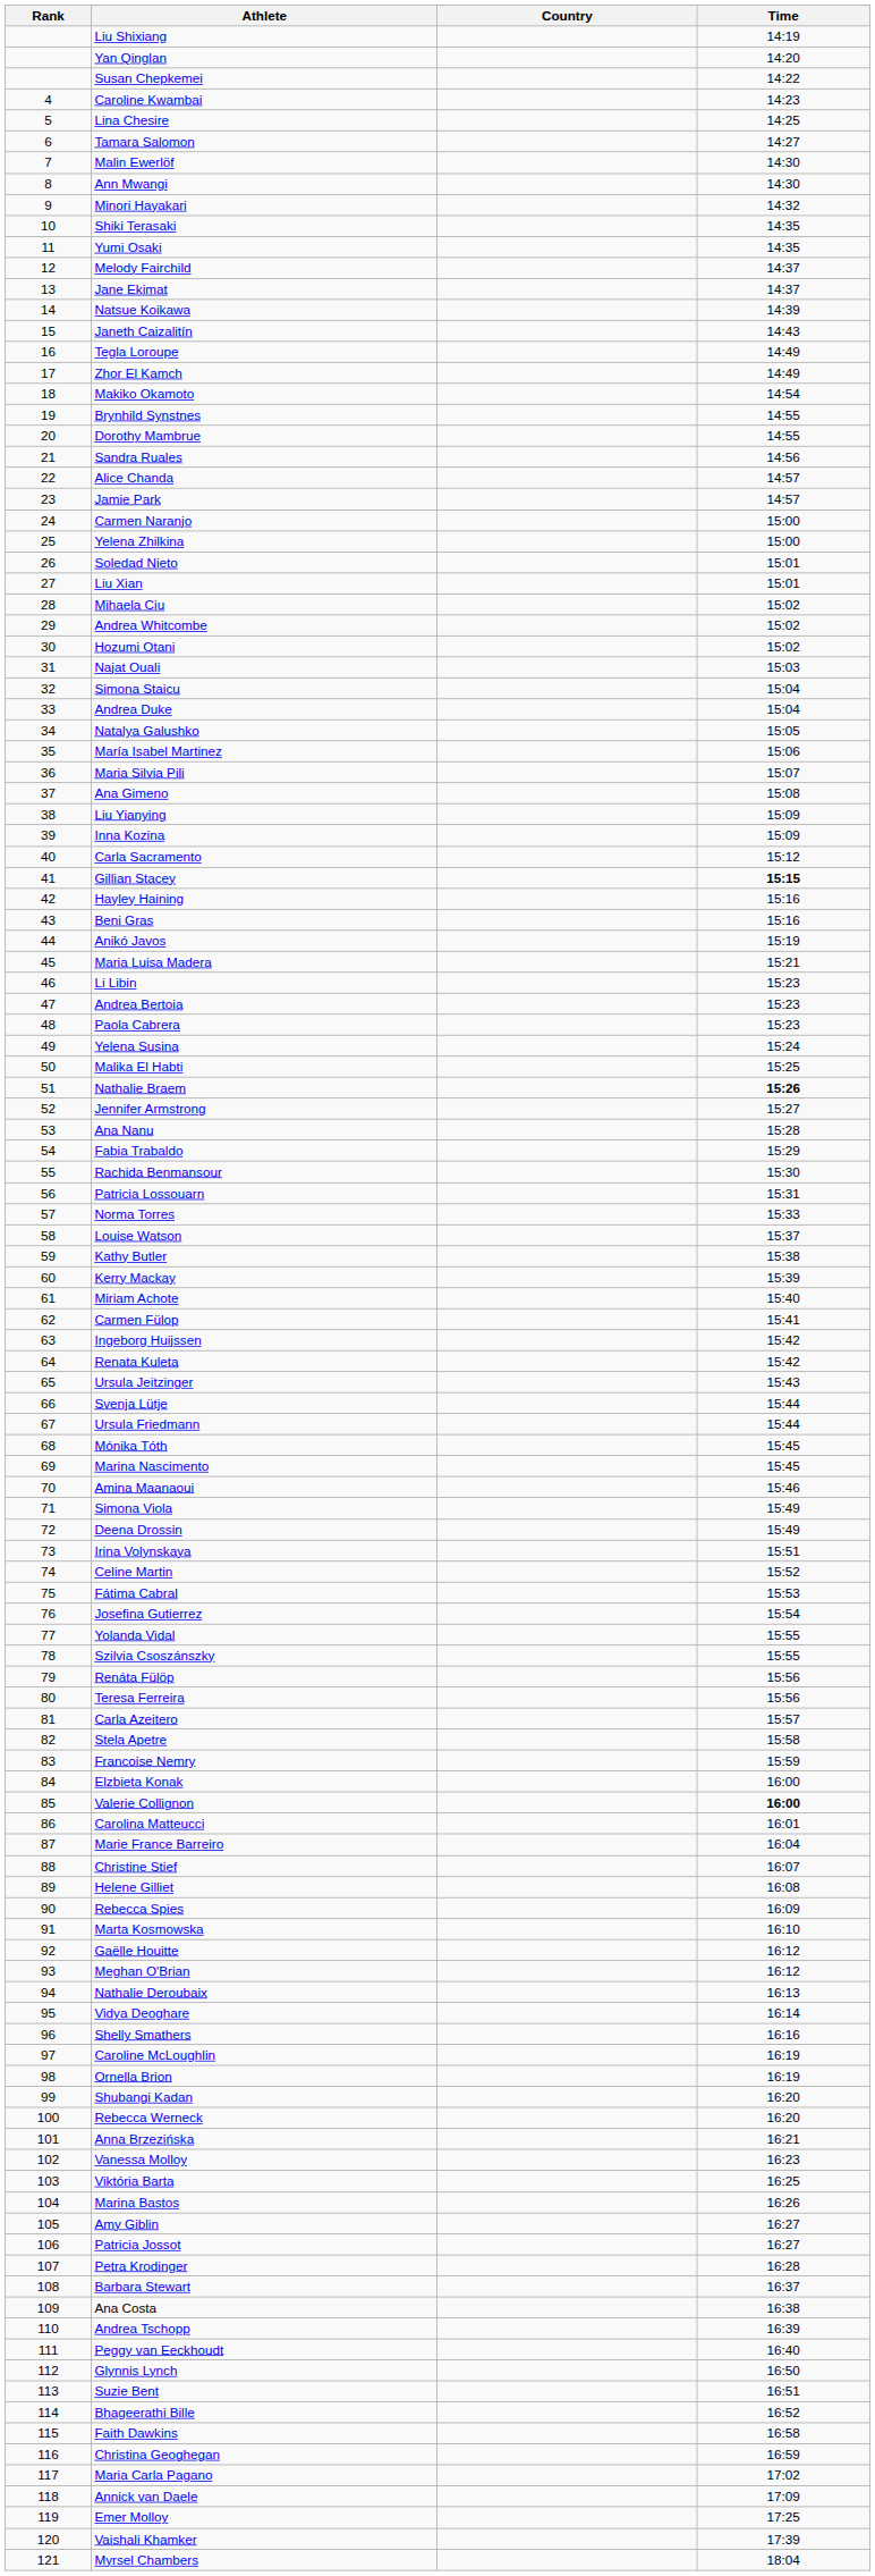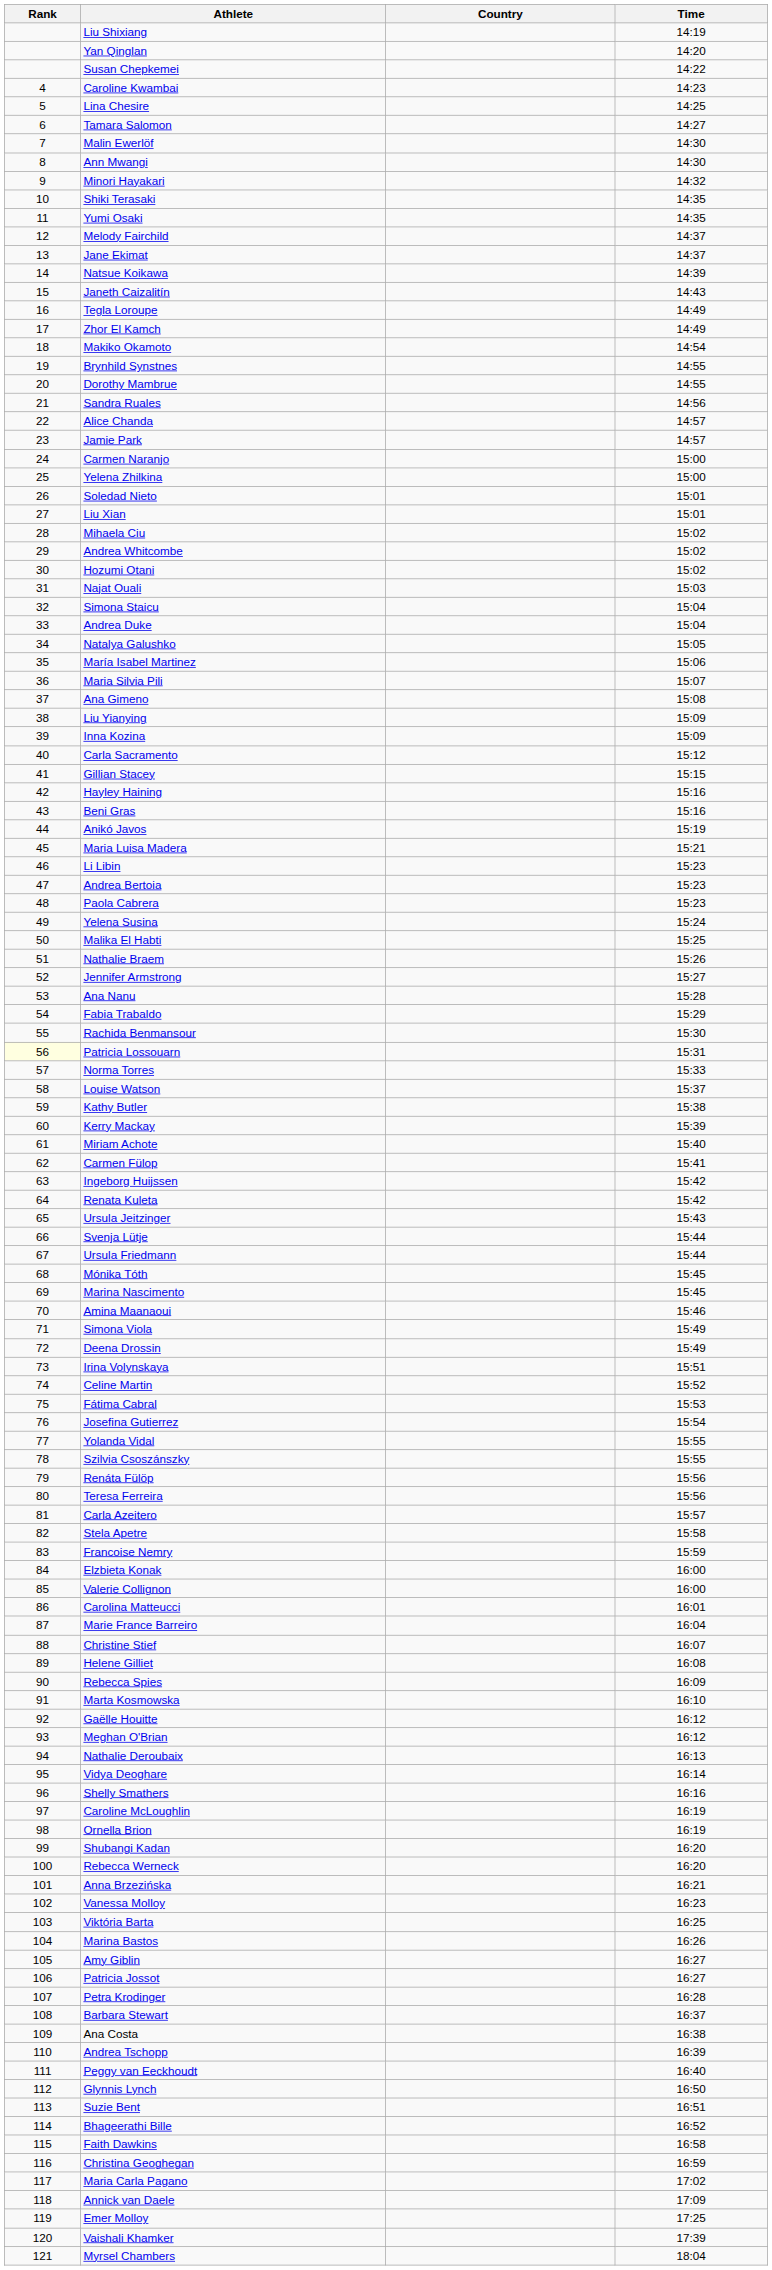 <table class="wikitable sortable" style=" text-align:center; font-size:95%;" width="50%">
 <tr>
 <th width=5%>Rank</th>
 <th width=20%>Athlete</th>
 <th width=15%>Country</th>
 <th width=10%>Time</th>
 </tr>
 <tr>
 <td align=center></td>
 <td align=left><a href='#'>Liu Shixiang</a></td>
 <td align=left></td>
 <td>14:19</td>
 </tr>
 <tr>
 <td align=center></td>
 <td align=left><a href='#'>Yan Qinglan</a></td>
 <td align=left></td>
 <td>14:20</td>
 </tr>
 <tr>
 <td align=center></td>
 <td align=left><a href='#'>Susan Chepkemei</a></td>
 <td align=left></td>
 <td>14:22</td>
 </tr>
 <tr>
 <td align=center>4</td>
 <td align=left><a href='#'>Caroline Kwambai</a></td>
 <td align=left></td>
 <td>14:23</td>
 </tr>
 <tr>
 <td align=center>5</td>
 <td align=left><a href='#'>Lina Chesire</a></td>
 <td align=left></td>
 <td>14:25</td>
 </tr>
 <tr>
 <td align=center>6</td>
 <td align=left><a href='#'>Tamara Salomon</a></td>
 <td align=left></td>
 <td>14:27</td>
 </tr>
 <tr>
 <td align=center>7</td>
 <td align=left><a href='#'>Malin Ewerlöf</a></td>
 <td align=left></td>
 <td>14:30</td>
 </tr>
 <tr>
 <td align=center>8</td>
 <td align=left><a href='#'>Ann Mwangi</a></td>
 <td align=left></td>
 <td>14:30</td>
 </tr>
 <tr>
 <td align=center>9</td>
 <td align=left><a href='#'>Minori Hayakari</a></td>
 <td align=left></td>
 <td>14:32</td>
 </tr>
 <tr>
 <td align=center>10</td>
 <td align=left><a href='#'>Shiki Terasaki</a></td>
 <td align=left></td>
 <td>14:35</td>
 </tr>
 <tr>
 <td align=center>11</td>
 <td align=left><a href='#'>Yumi Osaki</a></td>
 <td align=left></td>
 <td>14:35</td>
 </tr>
 <tr>
 <td align=center>12</td>
 <td align=left><a href='#'>Melody Fairchild</a></td>
 <td align=left></td>
 <td>14:37</td>
 </tr>
 <tr>
 <td align=center>13</td>
 <td align=left><a href='#'>Jane Ekimat</a></td>
 <td align=left></td>
 <td>14:37</td>
 </tr>
 <tr>
 <td align=center>14</td>
 <td align=left><a href='#'>Natsue Koikawa</a></td>
 <td align=left></td>
 <td>14:39</td>
 </tr>
 <tr>
 <td align=center>15</td>
 <td align=left><a href='#'>Janeth Caizalitín</a></td>
 <td align=left></td>
 <td>14:43</td>
 </tr>
 <tr>
 <td align=center>16</td>
 <td align=left><a href='#'>Tegla Loroupe</a></td>
 <td align=left></td>
 <td>14:49</td>
 </tr>
 <tr>
 <td align=center>17</td>
 <td align=left><a href='#'>Zhor El Kamch</a></td>
 <td align=left></td>
 <td>14:49</td>
 </tr>
 <tr>
 <td align=center>18</td>
 <td align=left><a href='#'>Makiko Okamoto</a></td>
 <td align=left></td>
 <td>14:54</td>
 </tr>
 <tr>
 <td align=center>19</td>
 <td align=left><a href='#'>Brynhild Synstnes</a></td>
 <td align=left></td>
 <td>14:55</td>
 </tr>
 <tr>
 <td align=center>20</td>
 <td align=left><a href='#'>Dorothy Mambrue</a></td>
 <td align=left></td>
 <td>14:55</td>
 </tr>
 <tr>
 <td align=center>21</td>
 <td align=left><a href='#'>Sandra Ruales</a></td>
 <td align=left></td>
 <td>14:56</td>
 </tr>
 <tr>
 <td align=center>22</td>
 <td align=left><a href='#'>Alice Chanda</a></td>
 <td align=left></td>
 <td>14:57</td>
 </tr>
 <tr>
 <td align=center>23</td>
 <td align=left><a href='#'>Jamie Park</a></td>
 <td align=left></td>
 <td>14:57</td>
 </tr>
 <tr>
 <td align=center>24</td>
 <td align=left><a href='#'>Carmen Naranjo</a></td>
 <td align=left></td>
 <td>15:00</td>
 </tr>
 <tr>
 <td align=center>25</td>
 <td align=left><a href='#'>Yelena Zhilkina</a></td>
 <td align=left></td>
 <td>15:00</td>
 </tr>
 <tr>
 <td align=center>26</td>
 <td align=left><a href='#'>Soledad Nieto</a></td>
 <td align=left></td>
 <td>15:01</td>
 </tr>
 <tr>
 <td align=center>27</td>
 <td align=left><a href='#'>Liu Xian</a></td>
 <td align=left></td>
 <td>15:01</td>
 </tr>
 <tr>
 <td align=center>28</td>
 <td align=left><a href='#'>Mihaela Ciu</a></td>
 <td align=left></td>
 <td>15:02</td>
 </tr>
 <tr>
 <td align=center>29</td>
 <td align=left><a href='#'>Andrea Whitcombe</a></td>
 <td align=left></td>
 <td>15:02</td>
 </tr>
 <tr>
 <td align=center>30</td>
 <td align=left><a href='#'>Hozumi Otani</a></td>
 <td align=left></td>
 <td>15:02</td>
 </tr>
 <tr>
 <td align=center>31</td>
 <td align=left><a href='#'>Najat Ouali</a></td>
 <td align=left></td>
 <td>15:03</td>
 </tr>
 <tr>
 <td align=center>32</td>
 <td align=left><a href='#'>Simona Staicu</a></td>
 <td align=left></td>
 <td>15:04</td>
 </tr>
 <tr>
 <td align=center>33</td>
 <td align=left><a href='#'>Andrea Duke</a></td>
 <td align=left></td>
 <td>15:04</td>
 </tr>
 <tr>
 <td align=center>34</td>
 <td align=left><a href='#'>Natalya Galushko</a></td>
 <td align=left></td>
 <td>15:05</td>
 </tr>
 <tr>
 <td align=center>35</td>
 <td align=left><a href='#'>María Isabel Martinez</a></td>
 <td align=left></td>
 <td>15:06</td>
 </tr>
 <tr>
 <td align=center>36</td>
 <td align=left><a href='#'>Maria Silvia Pili</a></td>
 <td align=left></td>
 <td>15:07</td>
 </tr>
 <tr>
 <td align=center>37</td>
 <td align=left><a href='#'>Ana Gimeno</a></td>
 <td align=left></td>
 <td>15:08</td>
 </tr>
 <tr>
 <td align=center>38</td>
 <td align=left><a href='#'>Liu Yianying</a></td>
 <td align=left></td>
 <td>15:09</td>
 </tr>
 <tr>
 <td align=center>39</td>
 <td align=left><a href='#'>Inna Kozina</a></td>
 <td align=left></td>
 <td>15:09</td>
 </tr>
 <tr>
 <td align=center>40</td>
 <td align=left><a href='#'>Carla Sacramento</a></td>
 <td align=left></td>
 <td>15:12</td>
 </tr>
 <tr>
 <td align=center>41</td>
 <td align=left><a href='#'>Gillian Stacey</a></td>
 <td align=left></td>
-<td><strong>15:15</strong></td>
+<td>15:15</td>
 </tr>
 <tr>
 <td align=center>42</td>
 <td align=left><a href='#'>Hayley Haining</a></td>
 <td align=left></td>
 <td>15:16</td>
 </tr>
 <tr>
 <td align=center>43</td>
 <td align=left><a href='#'>Beni Gras</a></td>
 <td align=left></td>
 <td>15:16</td>
 </tr>
 <tr>
 <td align=center>44</td>
 <td align=left><a href='#'>Anikó Javos</a></td>
 <td align=left></td>
 <td>15:19</td>
 </tr>
 <tr>
 <td align=center>45</td>
 <td align=left><a href='#'>Maria Luisa Madera</a></td>
 <td align=left></td>
 <td>15:21</td>
 </tr>
 <tr>
 <td align=center>46</td>
 <td align=left><a href='#'>Li Libin</a></td>
 <td align=left></td>
 <td>15:23</td>
 </tr>
 <tr>
 <td align=center>47</td>
 <td align=left><a href='#'>Andrea Bertoia</a></td>
 <td align=left></td>
 <td>15:23</td>
 </tr>
 <tr>
 <td align=center>48</td>
 <td align=left><a href='#'>Paola Cabrera</a></td>
 <td align=left></td>
 <td>15:23</td>
 </tr>
 <tr>
 <td align=center>49</td>
 <td align=left><a href='#'>Yelena Susina</a></td>
 <td align=left></td>
 <td>15:24</td>
 </tr>
 <tr>
 <td align=center>50</td>
 <td align=left><a href='#'>Malika El Habti</a></td>
 <td align=left></td>
 <td>15:25</td>
 </tr>
 <tr>
 <td align=center>51</td>
 <td align=left><a href='#'>Nathalie Braem</a></td>
 <td align=left></td>
-<td><strong>15:26</strong></td>
+<td>15:26</td>
 </tr>
 <tr>
 <td align=center>52</td>
 <td align=left><a href='#'>Jennifer Armstrong</a></td>
 <td align=left></td>
 <td>15:27</td>
 </tr>
 <tr>
 <td align=center>53</td>
 <td align=left><a href='#'>Ana Nanu</a></td>
 <td align=left></td>
 <td>15:28</td>
 </tr>
 <tr>
 <td align=center>54</td>
 <td align=left><a href='#'>Fabia Trabaldo</a></td>
 <td align=left></td>
 <td>15:29</td>
 </tr>
 <tr>
 <td align=center>55</td>
 <td align=left><a href='#'>Rachida Benmansour</a></td>
 <td align=left></td>
 <td>15:30</td>
 </tr>
 <tr>
-<td align=center>56</td>
+<td align=center style="background: lightyellow;">56</td>
 <td align=left><a href='#'>Patricia Lossouarn</a></td>
 <td align=left></td>
 <td>15:31</td>
 </tr>
 <tr>
 <td align=center>57</td>
 <td align=left><a href='#'>Norma Torres</a></td>
 <td align=left></td>
 <td>15:33</td>
 </tr>
 <tr>
 <td align=center>58</td>
 <td align=left><a href='#'>Louise Watson</a></td>
 <td align=left></td>
 <td>15:37</td>
 </tr>
 <tr>
 <td align=center>59</td>
 <td align=left><a href='#'>Kathy Butler</a></td>
 <td align=left></td>
 <td>15:38</td>
 </tr>
 <tr>
 <td align=center>60</td>
 <td align=left><a href='#'>Kerry Mackay</a></td>
 <td align=left></td>
 <td>15:39</td>
 </tr>
 <tr>
 <td align=center>61</td>
 <td align=left><a href='#'>Miriam Achote</a></td>
 <td align=left></td>
 <td>15:40</td>
 </tr>
 <tr>
 <td align=center>62</td>
 <td align=left><a href='#'>Carmen Fülop</a></td>
 <td align=left></td>
 <td>15:41</td>
 </tr>
 <tr>
 <td align=center>63</td>
 <td align=left><a href='#'>Ingeborg Huijssen</a></td>
 <td align=left></td>
 <td>15:42</td>
 </tr>
 <tr>
 <td align=center>64</td>
 <td align=left><a href='#'>Renata Kuleta</a></td>
 <td align=left></td>
 <td>15:42</td>
 </tr>
 <tr>
 <td align=center>65</td>
 <td align=left><a href='#'>Ursula Jeitzinger</a></td>
 <td align=left></td>
 <td>15:43</td>
 </tr>
 <tr>
 <td align=center>66</td>
 <td align=left><a href='#'>Svenja Lütje</a></td>
 <td align=left></td>
 <td>15:44</td>
 </tr>
 <tr>
 <td align=center>67</td>
 <td align=left><a href='#'>Ursula Friedmann</a></td>
 <td align=left></td>
 <td>15:44</td>
 </tr>
 <tr>
 <td align=center>68</td>
 <td align=left><a href='#'>Mónika Tóth</a></td>
 <td align=left></td>
 <td>15:45</td>
 </tr>
 <tr>
 <td align=center>69</td>
 <td align=left><a href='#'>Marina Nascimento</a></td>
 <td align=left></td>
 <td>15:45</td>
 </tr>
 <tr>
 <td align=center>70</td>
 <td align=left><a href='#'>Amina Maanaoui</a></td>
 <td align=left></td>
 <td>15:46</td>
 </tr>
 <tr>
 <td align=center>71</td>
 <td align=left><a href='#'>Simona Viola</a></td>
 <td align=left></td>
 <td>15:49</td>
 </tr>
 <tr>
 <td align=center>72</td>
 <td align=left><a href='#'>Deena Drossin</a></td>
 <td align=left></td>
 <td>15:49</td>
 </tr>
 <tr>
 <td align=center>73</td>
 <td align=left><a href='#'>Irina Volynskaya</a></td>
 <td align=left></td>
 <td>15:51</td>
 </tr>
 <tr>
 <td align=center>74</td>
 <td align=left><a href='#'>Celine Martin</a></td>
 <td align=left></td>
 <td>15:52</td>
 </tr>
 <tr>
 <td align=center>75</td>
 <td align=left><a href='#'>Fátima Cabral</a></td>
 <td align=left></td>
 <td>15:53</td>
 </tr>
 <tr>
 <td align=center>76</td>
 <td align=left><a href='#'>Josefina Gutierrez</a></td>
 <td align=left></td>
 <td>15:54</td>
 </tr>
 <tr>
 <td align=center>77</td>
 <td align=left><a href='#'>Yolanda Vidal</a></td>
 <td align=left></td>
 <td>15:55</td>
 </tr>
 <tr>
 <td align=center>78</td>
 <td align=left><a href='#'>Szilvia Csoszánszky</a></td>
 <td align=left></td>
 <td>15:55</td>
 </tr>
 <tr>
 <td align=center>79</td>
 <td align=left><a href='#'>Renáta Fülöp</a></td>
 <td align=left></td>
 <td>15:56</td>
 </tr>
 <tr>
 <td align=center>80</td>
 <td align=left><a href='#'>Teresa Ferreira</a></td>
 <td align=left></td>
 <td>15:56</td>
 </tr>
 <tr>
 <td align=center>81</td>
 <td align=left><a href='#'>Carla Azeitero</a></td>
 <td align=left></td>
 <td>15:57</td>
 </tr>
 <tr>
 <td align=center>82</td>
 <td align=left><a href='#'>Stela Apetre</a></td>
 <td align=left></td>
 <td>15:58</td>
 </tr>
 <tr>
 <td align=center>83</td>
 <td align=left><a href='#'>Francoise Nemry</a></td>
 <td align=left></td>
 <td>15:59</td>
 </tr>
 <tr>
 <td align=center>84</td>
 <td align=left><a href='#'>Elzbieta Konak</a></td>
 <td align=left></td>
 <td>16:00</td>
 </tr>
 <tr>
 <td align=center>85</td>
 <td align=left><a href='#'>Valerie Collignon</a></td>
 <td align=left></td>
-<td><strong>16:00</strong></td>
+<td>16:00</td>
 </tr>
 <tr>
 <td align=center>86</td>
 <td align=left><a href='#'>Carolina Matteucci</a></td>
 <td align=left></td>
 <td>16:01</td>
 </tr>
 <tr>
 <td align=center>87</td>
 <td align=left><a href='#'>Marie France Barreiro</a></td>
 <td align=left></td>
 <td>16:04</td>
 </tr>
 <tr>
 <td align=center>88</td>
 <td align=left><a href='#'>Christine Stief</a></td>
 <td align=left></td>
 <td>16:07</td>
 </tr>
 <tr>
 <td align=center>89</td>
 <td align=left><a href='#'>Helene Gilliet</a></td>
 <td align=left></td>
 <td>16:08</td>
 </tr>
 <tr>
 <td align=center>90</td>
 <td align=left><a href='#'>Rebecca Spies</a></td>
 <td align=left></td>
 <td>16:09</td>
 </tr>
 <tr>
 <td align=center>91</td>
 <td align=left><a href='#'>Marta Kosmowska</a></td>
 <td align=left></td>
 <td>16:10</td>
 </tr>
 <tr>
 <td align=center>92</td>
 <td align=left><a href='#'>Gaëlle Houitte</a></td>
 <td align=left></td>
 <td>16:12</td>
 </tr>
 <tr>
 <td align=center>93</td>
 <td align=left><a href='#'>Meghan O'Brian</a></td>
 <td align=left></td>
 <td>16:12</td>
 </tr>
 <tr>
 <td align=center>94</td>
 <td align=left><a href='#'>Nathalie Deroubaix</a></td>
 <td align=left></td>
 <td>16:13</td>
 </tr>
 <tr>
 <td align=center>95</td>
 <td align=left><a href='#'>Vidya Deoghare</a></td>
 <td align=left></td>
 <td>16:14</td>
 </tr>
 <tr>
 <td align=center>96</td>
 <td align=left><a href='#'>Shelly Smathers</a></td>
 <td align=left></td>
 <td>16:16</td>
 </tr>
 <tr>
 <td align=center>97</td>
 <td align=left><a href='#'>Caroline McLoughlin</a></td>
 <td align=left></td>
 <td>16:19</td>
 </tr>
 <tr>
 <td align=center>98</td>
 <td align=left><a href='#'>Ornella Brion</a></td>
 <td align=left></td>
 <td>16:19</td>
 </tr>
 <tr>
 <td align=center>99</td>
 <td align=left><a href='#'>Shubangi Kadan</a></td>
 <td align=left></td>
 <td>16:20</td>
 </tr>
 <tr>
 <td align=center>100</td>
 <td align=left><a href='#'>Rebecca Werneck</a></td>
 <td align=left></td>
 <td>16:20</td>
 </tr>
 <tr>
 <td align=center>101</td>
 <td align=left><a href='#'>Anna Brzezińska</a></td>
 <td align=left></td>
 <td>16:21</td>
 </tr>
 <tr>
 <td align=center>102</td>
 <td align=left><a href='#'>Vanessa Molloy</a></td>
 <td align=left></td>
 <td>16:23</td>
 </tr>
 <tr>
 <td align=center>103</td>
 <td align=left><a href='#'>Viktória Barta</a></td>
 <td align=left></td>
 <td>16:25</td>
 </tr>
 <tr>
 <td align=center>104</td>
 <td align=left><a href='#'>Marina Bastos</a></td>
 <td align=left></td>
 <td>16:26</td>
 </tr>
 <tr>
 <td align=center>105</td>
 <td align=left><a href='#'>Amy Giblin</a></td>
 <td align=left></td>
 <td>16:27</td>
 </tr>
 <tr>
 <td align=center>106</td>
 <td align=left><a href='#'>Patricia Jossot</a></td>
 <td align=left></td>
 <td>16:27</td>
 </tr>
 <tr>
 <td align=center>107</td>
 <td align=left><a href='#'>Petra Krodinger</a></td>
 <td align=left></td>
 <td>16:28</td>
 </tr>
 <tr>
 <td align=center>108</td>
 <td align=left><a href='#'>Barbara Stewart</a></td>
 <td align=left></td>
 <td>16:37</td>
 </tr>
 <tr>
 <td align=center>109</td>
 <td align=left>Ana Costa</td>
 <td align=left></td>
 <td>16:38</td>
 </tr>
 <tr>
 <td align=center>110</td>
 <td align=left><a href='#'>Andrea Tschopp</a></td>
 <td align=left></td>
 <td>16:39</td>
 </tr>
 <tr>
 <td align=center>111</td>
 <td align=left><a href='#'>Peggy van Eeckhoudt</a></td>
 <td align=left></td>
 <td>16:40</td>
 </tr>
 <tr>
 <td align=center>112</td>
 <td align=left><a href='#'>Glynnis Lynch</a></td>
 <td align=left></td>
 <td>16:50</td>
 </tr>
 <tr>
 <td align=center>113</td>
 <td align=left><a href='#'>Suzie Bent</a></td>
 <td align=left></td>
 <td>16:51</td>
 </tr>
 <tr>
 <td align=center>114</td>
 <td align=left><a href='#'>Bhageerathi Bille</a></td>
 <td align=left></td>
 <td>16:52</td>
 </tr>
 <tr>
 <td align=center>115</td>
 <td align=left><a href='#'>Faith Dawkins</a></td>
 <td align=left></td>
 <td>16:58</td>
 </tr>
 <tr>
 <td align=center>116</td>
 <td align=left><a href='#'>Christina Geoghegan</a></td>
 <td align=left></td>
 <td>16:59</td>
 </tr>
 <tr>
 <td align=center>117</td>
 <td align=left><a href='#'>Maria Carla Pagano</a></td>
 <td align=left></td>
 <td>17:02</td>
 </tr>
 <tr>
 <td align=center>118</td>
 <td align=left><a href='#'>Annick van Daele</a></td>
 <td align=left></td>
 <td>17:09</td>
 </tr>
 <tr>
 <td align=center>119</td>
 <td align=left><a href='#'>Emer Molloy</a></td>
 <td align=left></td>
 <td>17:25</td>
 </tr>
 <tr>
 <td align=center>120</td>
 <td align=left><a href='#'>Vaishali Khamker</a></td>
 <td align=left></td>
 <td>17:39</td>
 </tr>
 <tr>
 <td align=center>121</td>
 <td align=left><a href='#'>Myrsel Chambers</a></td>
 <td align=left></td>
 <td>18:04</td>
 </tr>
 </table>
